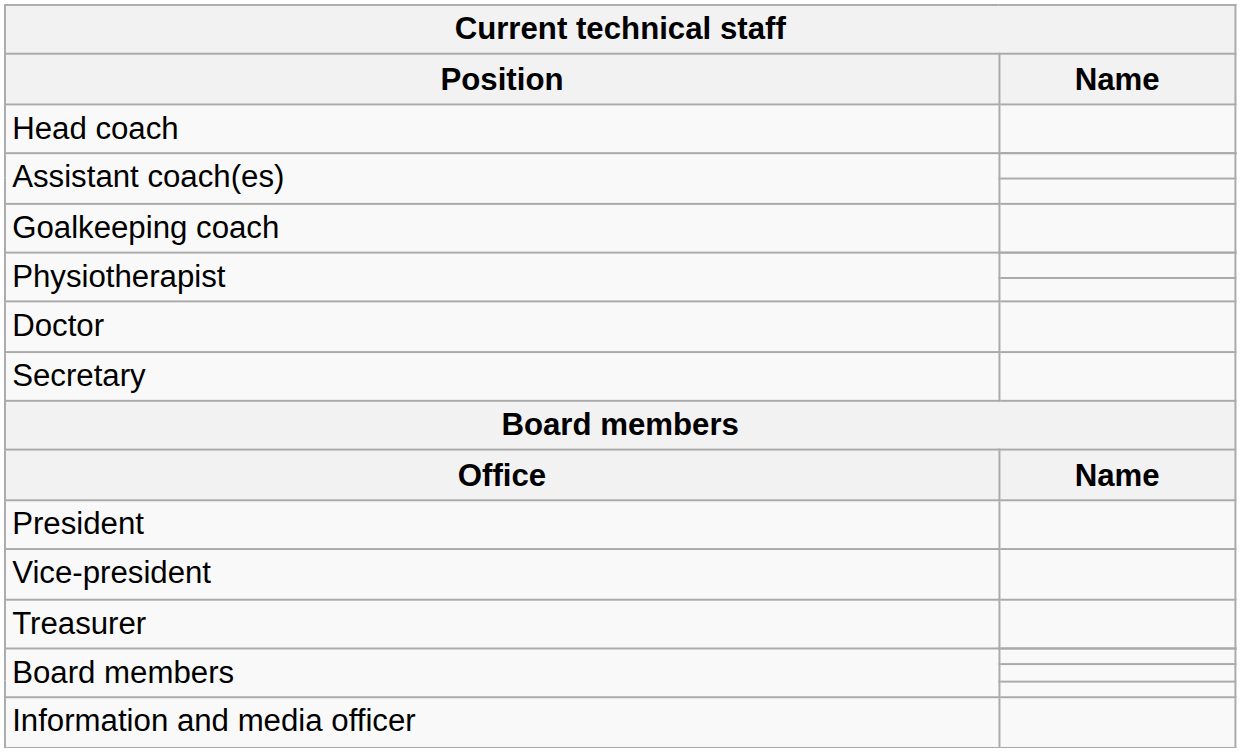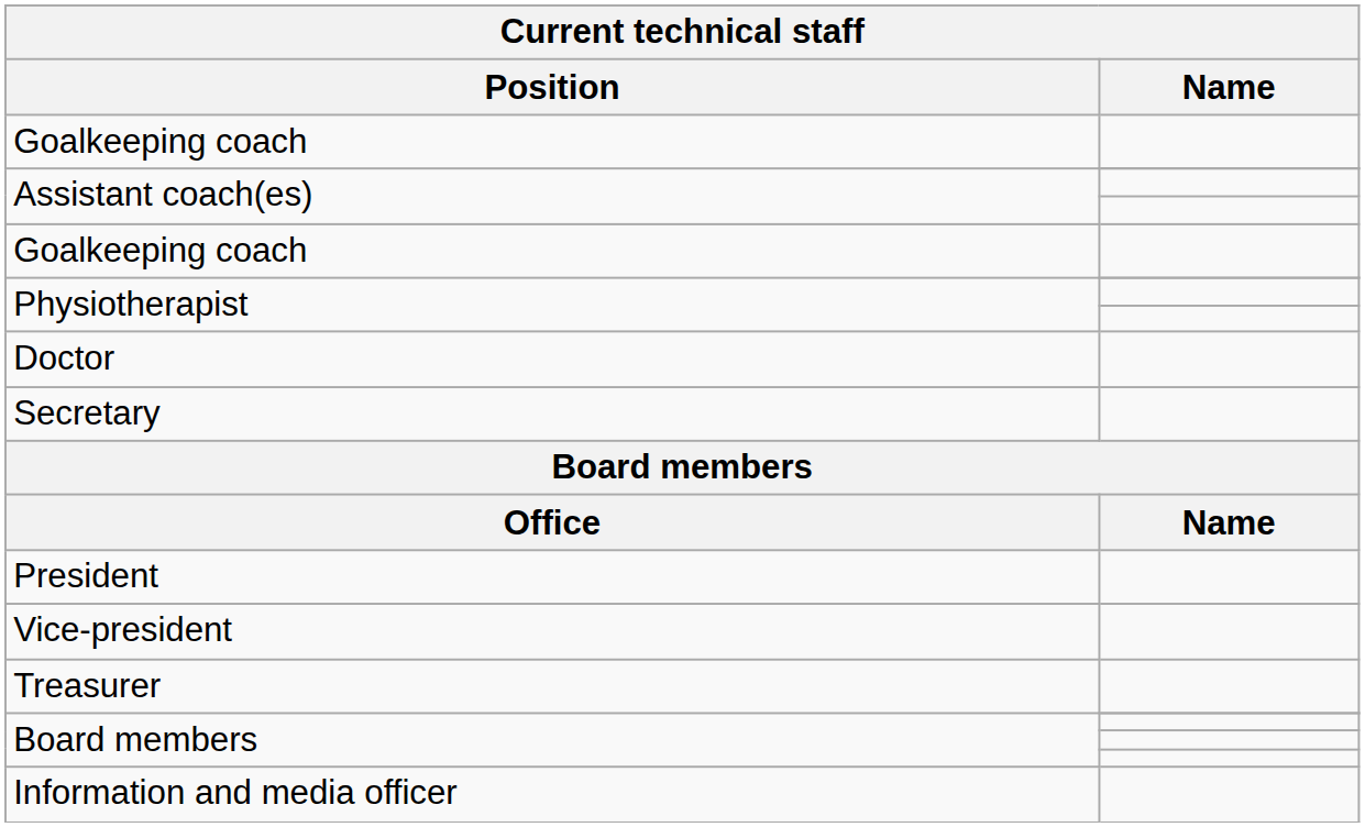 <table class="wikitable" width=50% style="text-align:left;font-size:100%;">
 <tr>
 <th colspan="2">Current technical staff</th>
 </tr>
 <tr>
 <th>Position</th>
 <th>Name</th>
 </tr>
 <tr>
-<td>Head coach</td>
+<td>Goalkeeping coach</td>
 <td> </td>
 </tr>
 <tr>
 <td rowspan="3">Assistant coach(es)</td>
 </tr>
 <tr>
 <td> </td>
 </tr>
 <tr>
 <td> </td>
 </tr>
 <tr>
 <td>Goalkeeping coach</td>
 <td> </td>
 </tr>
 <tr>
 <td rowspan="3">Physiotherapist</td>
 </tr>
 <tr>
 <td> </td>
 </tr>
 <tr>
 <td> </td>
 </tr>
 <tr>
 <td>Doctor</td>
 <td> </td>
 </tr>
 <tr>
 <td>Secretary</td>
 <td> </td>
 </tr>
 <tr>
 <th colspan="2">Board members</th>
 </tr>
 <tr>
 <th>Office</th>
 <th>Name</th>
 </tr>
 <tr>
 <td>President</td>
 <td> </td>
 </tr>
 <tr>
 <td>Vice-president</td>
 <td> </td>
 </tr>
 <tr>
 <td>Treasurer</td>
 <td> </td>
 </tr>
 <tr>
 <td rowspan="4">Board members</td>
 </tr>
 <tr>
 <td> </td>
 </tr>
 <tr>
 <td> </td>
 </tr>
 <tr>
 <td> </td>
 </tr>
 <tr>
 <td>Information and media officer</td>
 <td> </td>
 </tr>
 </table>
